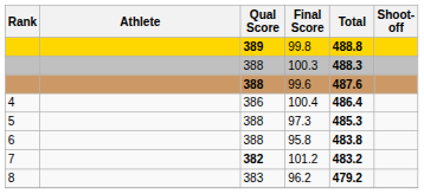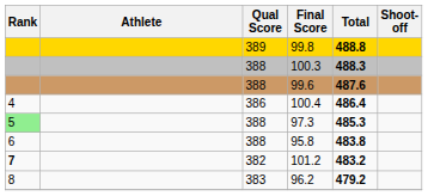 <table class="wikitable" style="font-size:95%" style="width:35em;" style="text-align:center">
 <tr>
 <th>Rank</th>
 <th width=250>Athlete</th>
 <th width=50>Qual Score</th>
 <th width=50>Final Score</th>
 <th width=50>Total</th>
 <th width=40>Shoot-off</th>
 </tr>
 <tr bgcolor=gold>
 <td></td>
 <td align=left></td>
-<td><strong>389</strong></td>
+<td>389</td>
 <td>99.8</td>
 <td><strong>488.8</strong></td>
 <td></td>
 </tr>
 <tr bgcolor=silver>
 <td></td>
 <td align=left></td>
 <td>388</td>
 <td>100.3</td>
 <td><strong>488.3</strong></td>
 <td></td>
 </tr>
 <tr bgcolor=cc9966>
 <td></td>
 <td align=left></td>
-<td><strong>388</strong></td>
+<td>388</td>
 <td>99.6</td>
 <td><strong>487.6</strong></td>
 <td></td>
 </tr>
 <tr>
 <td>4</td>
 <td align=left></td>
 <td>386</td>
 <td>100.4</td>
 <td><strong>486.4</strong></td>
 <td></td>
 </tr>
 <tr>
-<td>5</td>
+<td style="background: lightgreen;">5</td>
 <td align=left></td>
 <td>388</td>
 <td>97.3</td>
 <td><strong>485.3</strong></td>
 <td></td>
 </tr>
 <tr>
 <td>6</td>
 <td align=left></td>
 <td>388</td>
 <td>95.8</td>
 <td><strong>483.8</strong></td>
 <td></td>
 </tr>
 <tr>
-<td>7</td>
+<td><strong>7</strong></td>
 <td align=left></td>
-<td><strong>382</strong></td>
+<td>382</td>
 <td>101.2</td>
 <td><strong>483.2</strong></td>
 <td></td>
 </tr>
 <tr>
 <td>8</td>
 <td align=left></td>
 <td>383</td>
 <td>96.2</td>
 <td><strong>479.2</strong></td>
 <td></td>
 </tr>
 <tr>
 </tr>
 </table>
